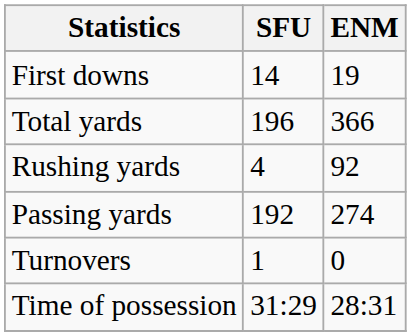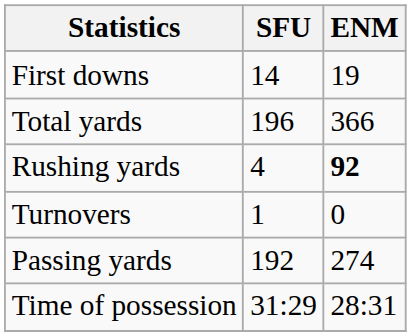 <table class="wikitable" style="float: left;">
 <tr>
 <th>Statistics</th>
 <th>SFU</th>
 <th>ENM</th>
 </tr>
 <tr>
 <td>First downs</td>
 <td>14</td>
 <td>19</td>
 </tr>
 <tr>
 <td>Total yards</td>
 <td>196</td>
 <td>366</td>
 </tr>
 <tr>
 <td>Rushing yards</td>
 <td>4</td>
-<td>92</td>
+<td><strong>92</strong></td>
+</tr>
+<tr>
+<td>Turnovers</td>
+<td>1</td>
+<td>0</td>
 </tr>
 <tr>
 <td>Passing yards</td>
 <td>192</td>
 <td>274</td>
-</tr>
-<tr>
-<td>Turnovers</td>
-<td>1</td>
-<td>0</td>
 </tr>
 <tr>
 <td>Time of possession</td>
 <td>31:29</td>
 <td>28:31</td>
 </tr>
 <tr>
 </tr>
 </table>
